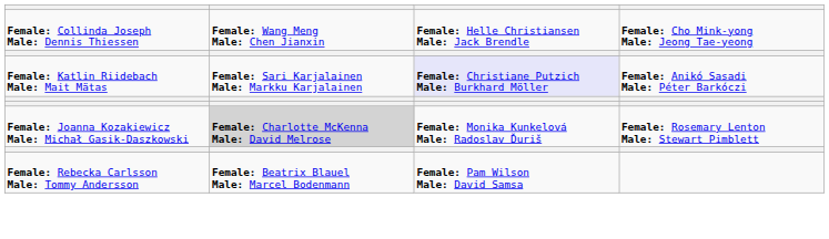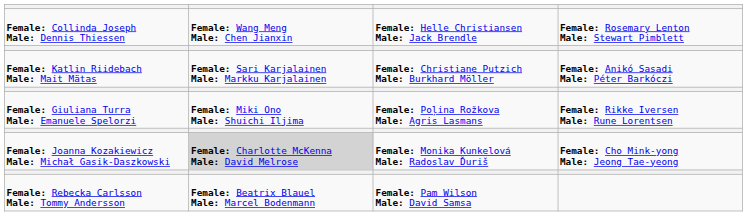 <table class="wikitable">
 <tr>
 <th width=250></th>
 <th width=250></th>
 <th width=250></th>
 <th width=250></th>
 </tr>
 <tr>
 <td><br><strong>Female:</strong> <a href='#'>Collinda Joseph</a><br> <strong>Male:</strong> <a href='#'>Dennis Thiessen</a></td>
 <td><br><strong>Female:</strong> <a href='#'>Wang Meng</a><br> <strong>Male:</strong> <a href='#'>Chen Jianxin</a></td>
 <td><br><strong>Female:</strong> <a href='#'>Helle Christiansen</a><br> <strong>Male:</strong> <a href='#'>Jack Brendle</a></td>
-<td><br><strong>Female:</strong> <a href='#'>Cho Mink-yong</a><br> <strong>Male:</strong> <a href='#'>Jeong Tae-yeong</a></td>
+<td><br><strong>Female:</strong> <a href='#'>Rosemary Lenton</a><br> <strong>Male:</strong> <a href='#'>Stewart Pimblett</a></td>
 </tr>
 <tr>
 <th width=250></th>
 <th width=250></th>
 <th width=250></th>
 <th width=250></th>
 </tr>
 <tr>
 <td><br><strong>Female:</strong> <a href='#'>Katlin Riidebach</a><br> <strong>Male:</strong> <a href='#'>Mait Mätas</a></td>
 <td><br><strong>Female:</strong> <a href='#'>Sari Karjalainen</a><br> <strong>Male:</strong> <a href='#'>Markku Karjalainen</a></td>
-<td style="background: lavender;"><br><strong>Female:</strong> <a href='#'>Christiane Putzich</a><br> <strong>Male:</strong> <a href='#'>Burkhard Möller</a></td>
+<td><br><strong>Female:</strong> <a href='#'>Christiane Putzich</a><br> <strong>Male:</strong> <a href='#'>Burkhard Möller</a></td>
 <td><br><strong>Female:</strong> <a href='#'>Anikó Sasadi</a><br> <strong>Male:</strong> <a href='#'>Péter Barkóczi</a></td>
 </tr>
 <tr>
 <th width=250></th>
 <th width=250></th>
 <th width=250></th>
 <th width=250></th>
+</tr>
+<tr>
+<td><br><strong>Female:</strong> <a href='#'>Giuliana Turra</a><br> <strong>Male:</strong> <a href='#'>Emanuele Spelorzi</a></td>
+<td><br><strong>Female:</strong> <a href='#'>Miki Ono</a><br> <strong>Male:</strong> <a href='#'>Shuichi Iljima</a></td>
+<td><br><strong>Female:</strong> <a href='#'>Poļina Rožkova</a><br> <strong>Male:</strong> <a href='#'>Agris Lasmans</a></td>
+<td><br><strong>Female:</strong> <a href='#'>Rikke Iversen</a><br> <strong>Male:</strong> <a href='#'>Rune Lorentsen</a></td>
 </tr>
 <tr>
 <th width=250></th>
 <th width=250></th>
 <th width=250></th>
 <th width=250></th>
 </tr>
 <tr>
 <td><br><strong>Female:</strong> <a href='#'>Joanna Kozakiewicz</a><br> <strong>Male:</strong> <a href='#'>Michał Gasik-Daszkowski</a></td>
 <td style="background: lightgrey;"><br><strong>Female:</strong> <a href='#'>Charlotte McKenna</a><br> <strong>Male:</strong> <a href='#'>David Melrose</a></td>
 <td><br><strong>Female:</strong> <a href='#'>Monika Kunkelová</a><br> <strong>Male:</strong> <a href='#'>Radoslav Ďuriš</a></td>
-<td><br><strong>Female:</strong> <a href='#'>Rosemary Lenton</a><br> <strong>Male:</strong> <a href='#'>Stewart Pimblett</a></td>
+<td><br><strong>Female:</strong> <a href='#'>Cho Mink-yong</a><br> <strong>Male:</strong> <a href='#'>Jeong Tae-yeong</a></td>
 </tr>
 <tr>
 <th width=250></th>
 <th width=250></th>
 <th width=250></th>
 <th width=250></th>
 </tr>
 <tr>
 <td><br><strong>Female:</strong> <a href='#'>Rebecka Carlsson</a><br> <strong>Male:</strong> <a href='#'>Tommy Andersson</a></td>
 <td><br><strong>Female:</strong> <a href='#'>Beatrix Blauel</a><br> <strong>Male:</strong> <a href='#'>Marcel Bodenmann</a></td>
 <td><br><strong>Female:</strong> <a href='#'>Pam Wilson</a><br> <strong>Male:</strong> <a href='#'>David Samsa</a></td>
 <td></td>
 </tr>
 </table>
